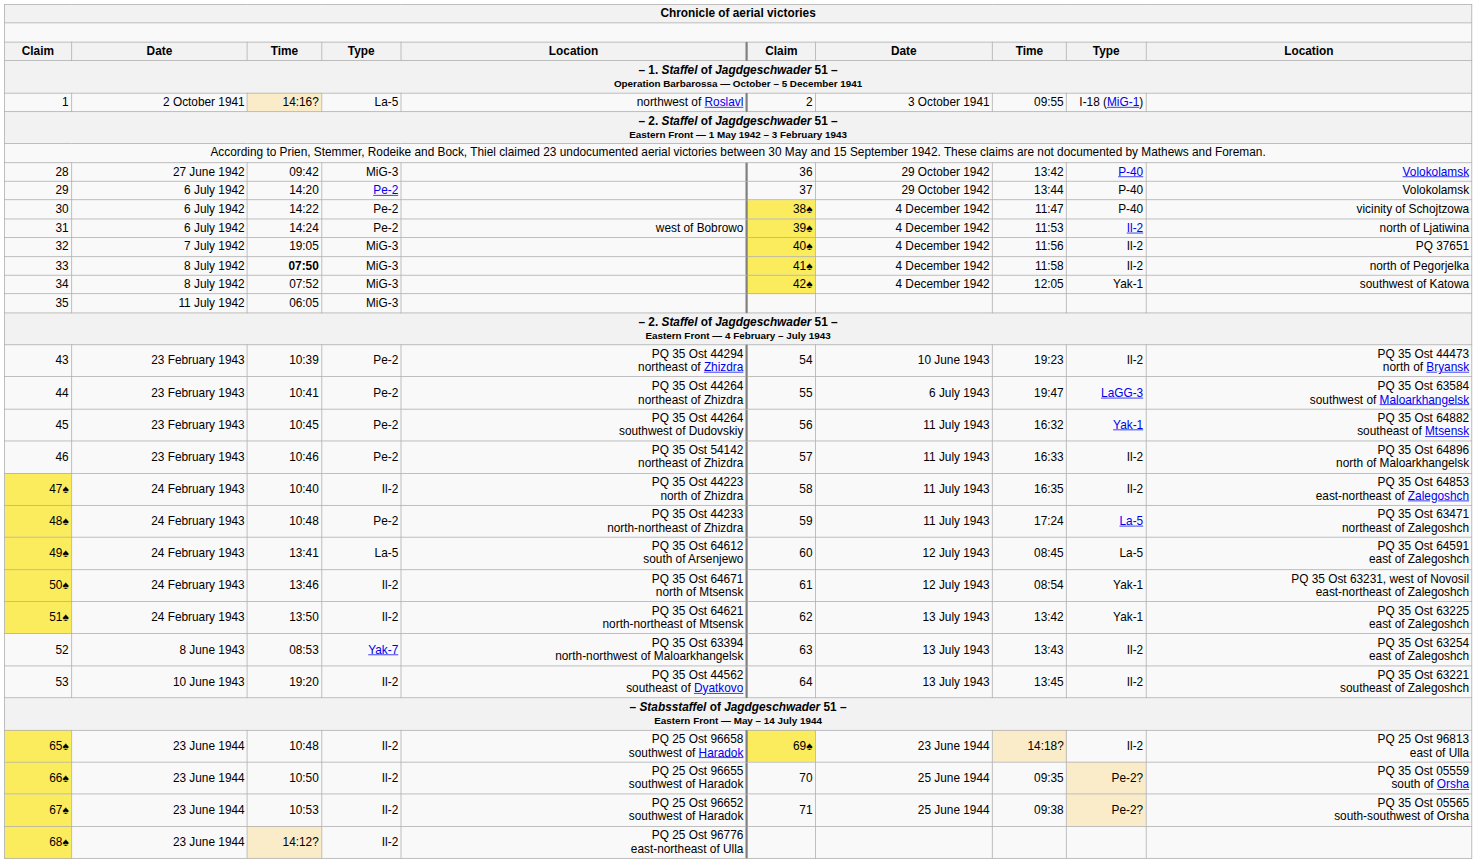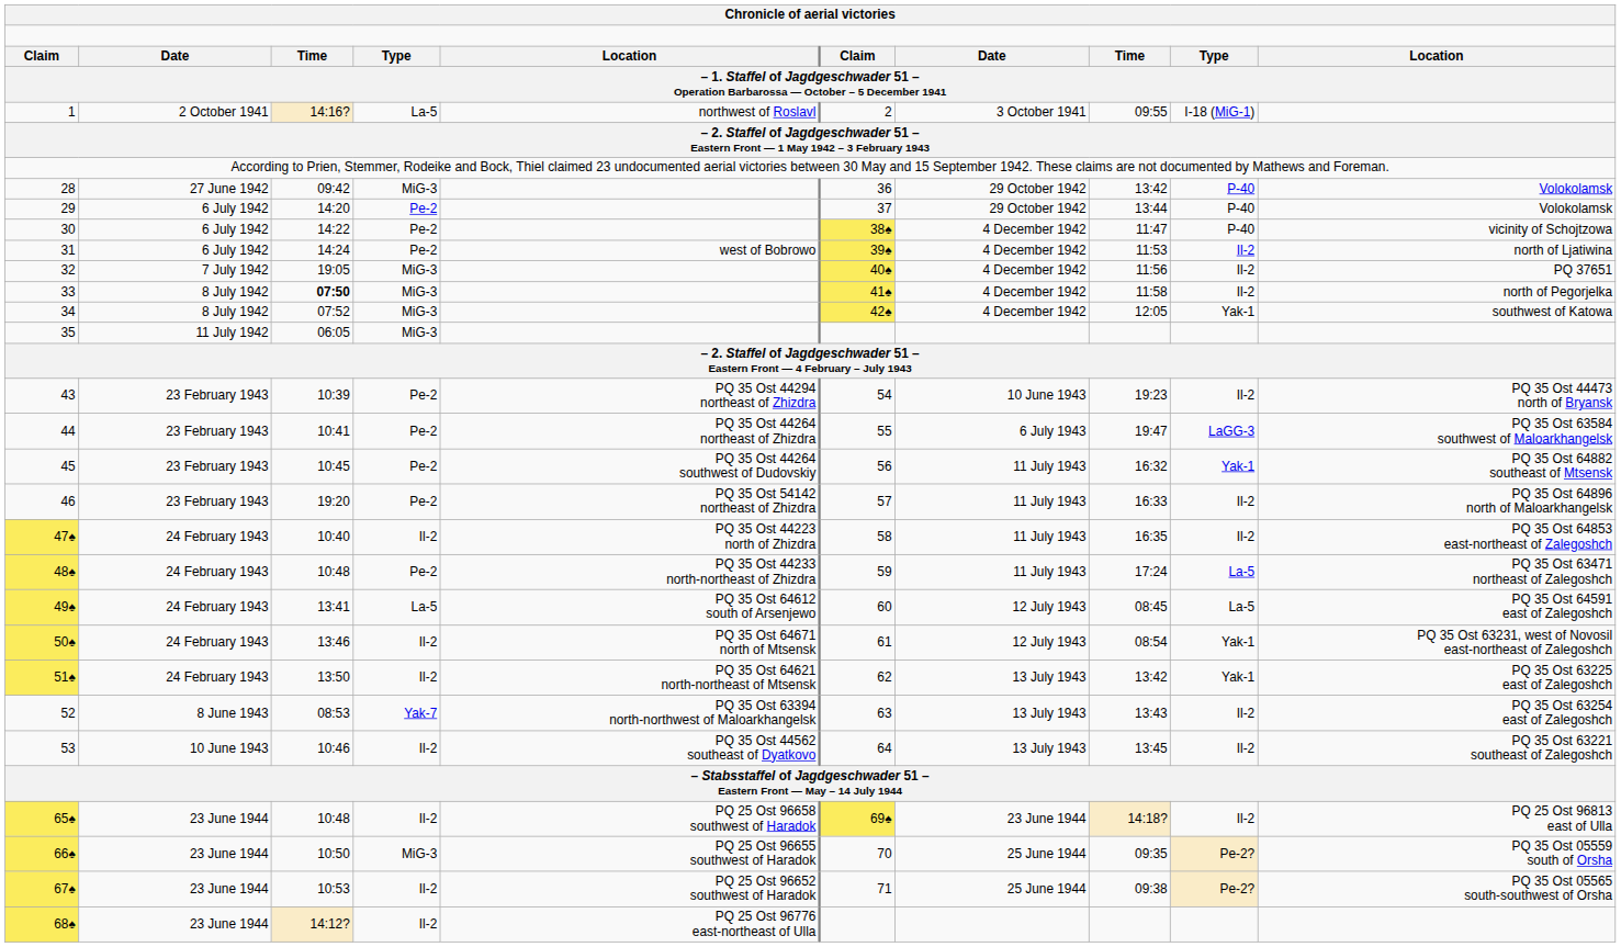 <table class="wikitable plainrowheaders collapsible" style="margin-left: auto; margin-right: auto; border: none; text-align:right; width: 100%;">
 <tr>
 <th colspan="10">Chronicle of aerial victories</th>
 </tr>
 <tr>
 <td colspan="10" style="text-align: left;"><br> </td>
 </tr>
 <tr>
 <th scope="col">Claim</th>
 <th scope="col">Date</th>
 <th scope="col">Time</th>
 <th scope="col" width="100px">Type</th>
 <th scope="col">Location</th>
 <th scope="col" style="border-left: 3px solid grey;">Claim</th>
 <th scope="col">Date</th>
 <th scope="col">Time</th>
 <th scope="col" width="100px">Type</th>
 <th scope="col">Location</th>
 </tr>
 <tr>
 <th colspan="10">– 1. <em>Staffel</em> of <em>Jagdgeschwader</em> 51 –<br><small>Operation Barbarossa — October – 5 December 1941</small></th>
 </tr>
 <tr>
 <td>1</td>
 <td>2 October 1941</td>
 <td style="background:#faecc8">14:16?</td>
 <td>La-5</td>
 <td> northwest of <a href='#'>Roslavl</a></td>
 <td style="border-left: 3px solid grey;">2</td>
 <td>3 October 1941</td>
 <td>09:55</td>
 <td>I-18 (<a href='#'>MiG-1</a>)</td>
 <td></td>
 </tr>
 <tr>
 <th colspan="10">– 2. <em>Staffel</em> of <em>Jagdgeschwader</em> 51 –<br><small>Eastern Front — 1 May 1942 – 3 February 1943</small></th>
 </tr>
 <tr>
 <td colspan="10" style="text-align: center">According to Prien, Stemmer, Rodeike and Bock, Thiel claimed 23 undocumented aerial victories between 30 May and 15 September 1942. These claims are not documented by Mathews and Foreman.</td>
 </tr>
 <tr>
 <td>28</td>
 <td>27 June 1942</td>
 <td>09:42</td>
 <td>MiG-3</td>
 <td></td>
 <td style="border-left: 3px solid grey;">36</td>
 <td>29 October 1942</td>
 <td>13:42</td>
 <td><a href='#'>P-40</a></td>
 <td><a href='#'>Volokolamsk</a></td>
 </tr>
 <tr>
 <td>29</td>
 <td>6 July 1942</td>
 <td>14:20</td>
 <td><a href='#'>Pe-2</a></td>
 <td></td>
 <td style="border-left: 3px solid grey;">37</td>
 <td>29 October 1942</td>
 <td>13:44</td>
 <td>P-40</td>
 <td>Volokolamsk</td>
 </tr>
 <tr>
 <td>30</td>
 <td>6 July 1942</td>
 <td>14:22</td>
 <td>Pe-2</td>
 <td></td>
 <td style="border-left: 3px solid grey; background:#fbec5d;">38♠</td>
 <td>4 December 1942</td>
 <td>11:47</td>
 <td>P-40</td>
 <td>vicinity of Schojtzowa</td>
 </tr>
 <tr>
 <td>31</td>
 <td>6 July 1942</td>
 <td>14:24</td>
 <td>Pe-2</td>
 <td> west of Bobrowo</td>
 <td style="border-left: 3px solid grey; background:#fbec5d;">39♠</td>
 <td>4 December 1942</td>
 <td>11:53</td>
 <td><a href='#'>Il-2</a></td>
 <td> north of Ljatiwina</td>
 </tr>
 <tr>
 <td>32</td>
 <td>7 July 1942</td>
 <td>19:05</td>
 <td>MiG-3</td>
 <td></td>
 <td style="border-left: 3px solid grey; background:#fbec5d;">40♠</td>
 <td>4 December 1942</td>
 <td>11:56</td>
 <td>Il-2</td>
 <td>PQ 37651</td>
 </tr>
 <tr>
 <td>33</td>
 <td>8 July 1942</td>
 <td><strong>07:50</strong></td>
 <td>MiG-3</td>
 <td></td>
 <td style="border-left: 3px solid grey; background:#fbec5d;">41♠</td>
 <td>4 December 1942</td>
 <td>11:58</td>
 <td>Il-2</td>
 <td> north of Pegorjelka</td>
 </tr>
 <tr>
 <td>34</td>
 <td>8 July 1942</td>
 <td>07:52</td>
 <td>MiG-3</td>
 <td></td>
 <td style="border-left: 3px solid grey; background:#fbec5d;">42♠</td>
 <td>4 December 1942</td>
 <td>12:05</td>
 <td>Yak-1</td>
 <td> southwest of Katowa</td>
 </tr>
 <tr>
 <td>35</td>
 <td>11 July 1942</td>
 <td>06:05</td>
 <td>MiG-3</td>
 <td></td>
 <td style="border-left: 3px solid grey;"></td>
 <td></td>
 <td></td>
 <td></td>
 <td></td>
 </tr>
 <tr>
 <th colspan="10">– 2. <em>Staffel</em> of <em>Jagdgeschwader</em> 51 –<br><small>Eastern Front — 4 February – July 1943</small></th>
 </tr>
 <tr>
 <td>43</td>
 <td>23 February 1943</td>
 <td>10:39</td>
 <td>Pe-2</td>
 <td>PQ 35 Ost 44294<br> northeast of <a href='#'>Zhizdra</a></td>
 <td style="border-left: 3px solid grey;">54</td>
 <td>10 June 1943</td>
 <td>19:23</td>
 <td>Il-2</td>
 <td>PQ 35 Ost 44473<br> north of <a href='#'>Bryansk</a></td>
 </tr>
 <tr>
 <td>44</td>
 <td>23 February 1943</td>
 <td>10:41</td>
 <td>Pe-2</td>
 <td>PQ 35 Ost 44264<br> northeast of Zhizdra</td>
 <td style="border-left: 3px solid grey;">55</td>
 <td>6 July 1943</td>
 <td>19:47</td>
 <td><a href='#'>LaGG-3</a></td>
 <td>PQ 35 Ost 63584<br> southwest of <a href='#'>Maloarkhangelsk</a></td>
 </tr>
 <tr>
 <td>45</td>
 <td>23 February 1943</td>
 <td>10:45</td>
 <td>Pe-2</td>
 <td>PQ 35 Ost 44264<br> southwest of Dudovskiy</td>
 <td style="border-left: 3px solid grey;">56</td>
 <td>11 July 1943</td>
 <td>16:32</td>
 <td><a href='#'>Yak-1</a></td>
 <td>PQ 35 Ost 64882<br> southeast of <a href='#'>Mtsensk</a></td>
 </tr>
 <tr>
 <td>46</td>
 <td>23 February 1943</td>
-<td>10:46</td>
+<td>19:20</td>
 <td>Pe-2</td>
 <td>PQ 35 Ost 54142<br> northeast of Zhizdra</td>
 <td style="border-left: 3px solid grey;">57</td>
 <td>11 July 1943</td>
 <td>16:33</td>
 <td>Il-2</td>
 <td>PQ 35 Ost 64896<br> north of Maloarkhangelsk</td>
 </tr>
 <tr>
 <td style="background:#fbec5d;">47♠</td>
 <td>24 February 1943</td>
 <td>10:40</td>
 <td>Il-2</td>
 <td>PQ 35 Ost 44223<br> north of Zhizdra</td>
 <td style="border-left: 3px solid grey;">58</td>
 <td>11 July 1943</td>
 <td>16:35</td>
 <td>Il-2</td>
 <td>PQ 35 Ost 64853<br> east-northeast of <a href='#'>Zalegoshch</a></td>
 </tr>
 <tr>
 <td style="background:#fbec5d;">48♠</td>
 <td>24 February 1943</td>
 <td>10:48</td>
 <td>Pe-2</td>
 <td>PQ 35 Ost 44233<br> north-northeast of Zhizdra</td>
 <td style="border-left: 3px solid grey;">59</td>
 <td>11 July 1943</td>
 <td>17:24</td>
 <td><a href='#'>La-5</a></td>
 <td>PQ 35 Ost 63471<br> northeast of Zalegoshch</td>
 </tr>
 <tr>
 <td style="background:#fbec5d;">49♠</td>
 <td>24 February 1943</td>
 <td>13:41</td>
 <td>La-5</td>
 <td>PQ 35 Ost 64612<br> south of Arsenjewo</td>
 <td style="border-left: 3px solid grey;">60</td>
 <td>12 July 1943</td>
 <td>08:45</td>
 <td>La-5</td>
 <td>PQ 35 Ost 64591<br> east of Zalegoshch</td>
 </tr>
 <tr>
 <td style="background:#fbec5d;">50♠</td>
 <td>24 February 1943</td>
 <td>13:46</td>
 <td>Il-2</td>
 <td>PQ 35 Ost 64671<br> north of Mtsensk</td>
 <td style="border-left: 3px solid grey;">61</td>
 <td>12 July 1943</td>
 <td>08:54</td>
 <td>Yak-1</td>
 <td>PQ 35 Ost 63231, west of Novosil<br> east-northeast of Zalegoshch</td>
 </tr>
 <tr>
 <td style="background:#fbec5d;">51♠</td>
 <td>24 February 1943</td>
 <td>13:50</td>
 <td>Il-2</td>
 <td>PQ 35 Ost 64621<br> north-northeast of Mtsensk</td>
 <td style="border-left: 3px solid grey;">62</td>
 <td>13 July 1943</td>
 <td>13:42</td>
 <td>Yak-1</td>
 <td>PQ 35 Ost 63225<br> east of Zalegoshch</td>
 </tr>
 <tr>
 <td>52</td>
 <td>8 June 1943</td>
 <td>08:53</td>
 <td><a href='#'>Yak-7</a></td>
 <td>PQ 35 Ost 63394<br> north-northwest of Maloarkhangelsk</td>
 <td style="border-left: 3px solid grey;">63</td>
 <td>13 July 1943</td>
 <td>13:43</td>
 <td>Il-2</td>
 <td>PQ 35 Ost 63254<br> east of Zalegoshch</td>
 </tr>
 <tr>
 <td>53</td>
 <td>10 June 1943</td>
-<td>19:20</td>
+<td>10:46</td>
 <td>Il-2</td>
 <td>PQ 35 Ost 44562<br> southeast of <a href='#'>Dyatkovo</a></td>
 <td style="border-left: 3px solid grey;">64</td>
 <td>13 July 1943</td>
 <td>13:45</td>
 <td>Il-2</td>
 <td>PQ 35 Ost 63221<br> southeast of Zalegoshch</td>
 </tr>
 <tr>
 <th colspan="10">– <em>Stabsstaffel</em> of <em>Jagdgeschwader</em> 51 –<br><small>Eastern Front — May – 14 July 1944</small></th>
 </tr>
 <tr>
 <td style="background:#fbec5d;">65♠</td>
 <td>23 June 1944</td>
 <td>10:48</td>
 <td>Il-2</td>
 <td>PQ 25 Ost 96658<br> southwest of <a href='#'>Haradok</a></td>
 <td style="border-left: 3px solid grey; background:#fbec5d;">69♠</td>
 <td>23 June 1944</td>
 <td style="background:#faecc8">14:18?</td>
 <td>Il-2</td>
 <td>PQ 25 Ost 96813<br> east of Ulla</td>
 </tr>
 <tr>
 <td style="background:#fbec5d;">66♠</td>
 <td>23 June 1944</td>
 <td>10:50</td>
-<td>Il-2</td>
+<td>MiG-3</td>
 <td>PQ 25 Ost 96655<br> southwest of Haradok</td>
 <td style="border-left: 3px solid grey;">70</td>
 <td>25 June 1944</td>
 <td>09:35</td>
 <td style="background:#faecc8">Pe-2?</td>
 <td>PQ 35 Ost 05559<br> south of <a href='#'>Orsha</a></td>
 </tr>
 <tr>
 <td style="background:#fbec5d;">67♠</td>
 <td>23 June 1944</td>
 <td>10:53</td>
 <td>Il-2</td>
 <td>PQ 25 Ost 96652<br> southwest of Haradok</td>
 <td style="border-left: 3px solid grey;">71</td>
 <td>25 June 1944</td>
 <td>09:38</td>
 <td style="background:#faecc8">Pe-2?</td>
 <td>PQ 35 Ost 05565<br> south-southwest of Orsha</td>
 </tr>
 <tr>
 <td style="background:#fbec5d;">68♠</td>
 <td>23 June 1944</td>
 <td style="background:#faecc8">14:12?</td>
 <td>Il-2</td>
 <td>PQ 25 Ost 96776<br> east-northeast of Ulla</td>
 <td style="border-left: 3px solid grey;"></td>
 <td></td>
 <td></td>
 <td></td>
 <td></td>
 </tr>
 </table>
